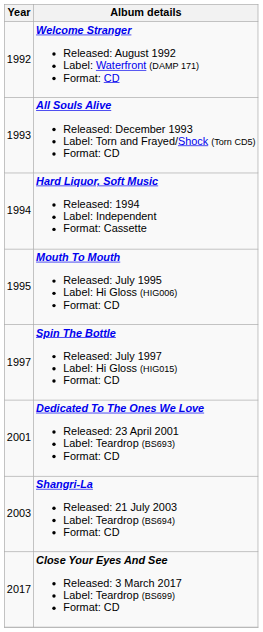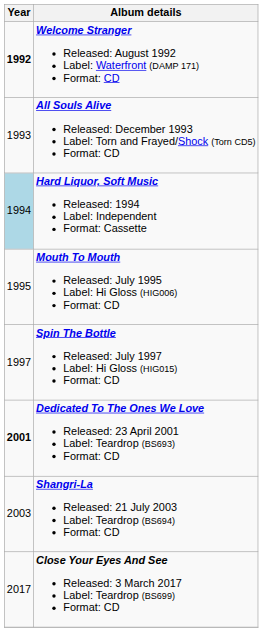 <table class="wikitable" border="1">
 <tr>
 <th>Year</th>
 <th>Album details</th>
 </tr>
 <tr>
-<td>1992</td>
+<td><strong>1992</strong></td>
 <td><strong><em><a href='#'>Welcome Stranger</a></em></strong><br><ul><li>Released: August 1992</li><li>Label: <a href='#'>Waterfront</a> <small>(DAMP 171)</small></li><li>Format: <a href='#'>CD</a></li></ul></td>
 </tr>
 <tr>
 <td>1993</td>
 <td><strong><em><a href='#'>All Souls Alive</a></em></strong><br><ul><li>Released: December 1993</li><li>Label: Torn and Frayed/<a href='#'>Shock</a> <small>(Torn CD5)</small></li><li>Format: CD</li></ul></td>
 </tr>
 <tr>
-<td>1994</td>
+<td style="background: lightblue;">1994</td>
 <td><strong><em><a href='#'>Hard Liquor, Soft Music</a></em></strong><br><ul><li>Released: 1994</li><li>Label: Independent</li><li>Format: Cassette</li></ul></td>
 </tr>
 <tr>
 <td>1995</td>
 <td><strong><em><a href='#'>Mouth To Mouth</a></em></strong><br><ul><li>Released: July 1995</li><li>Label: Hi Gloss <small>(HIG006)</small></li><li>Format: CD</li></ul></td>
 </tr>
 <tr>
 <td>1997</td>
 <td><strong><em><a href='#'>Spin The Bottle</a></em></strong><br><ul><li>Released: July 1997</li><li>Label: Hi Gloss <small>(HIG015)</small></li><li>Format: CD</li></ul></td>
 </tr>
 <tr>
-<td>2001</td>
+<td><strong>2001</strong></td>
 <td><strong><em><a href='#'>Dedicated To The Ones We Love</a></em></strong><br><ul><li>Released: 23 April 2001</li><li>Label: Teardrop <small>(BS693)</small></li><li>Format: CD</li></ul></td>
 </tr>
 <tr>
 <td>2003</td>
 <td><strong><em><a href='#'>Shangri-La</a></em></strong><br><ul><li>Released: 21 July 2003</li><li>Label: Teardrop <small>(BS694)</small></li><li>Format: CD</li></ul></td>
 </tr>
 <tr>
 <td>2017</td>
 <td><strong><em>Close Your Eyes And See</em></strong><br><ul><li>Released: 3 March 2017</li><li>Label: Teardrop <small>(BS699)</small></li><li>Format: CD</li></ul></td>
 </tr>
 <tr>
 </tr>
 </table>
